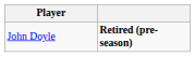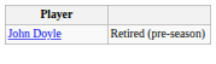 <table class="wikitable" style="font-size:90%">
 <tr style="background:#efefef;">
 <th style="width:120px;">Player</th>
 <th style="width:120px;"></th>
 </tr>
 <tr>
 <td><a href='#'>John Doyle</a></td>
-<td><strong>Retired (pre-season)</strong></td>
+<td>Retired (pre-season)</td>
 </tr>
 </table>
